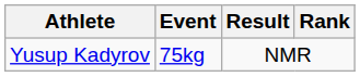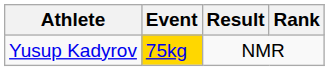 <table class=wikitable style="font-size:90%">
 <tr>
 <th>Athlete</th>
 <th>Event</th>
 <th>Result</th>
 <th>Rank</th>
 </tr>
 <tr>
 <td><a href='#'>Yusup Kadyrov</a></td>
-<td><a href='#'>75kg</a></td>
+<td style="background: gold;"><a href='#'>75kg</a></td>
 <td style="text-align:center;" colspan="2">NMR</td>
 </tr>
 </table>
